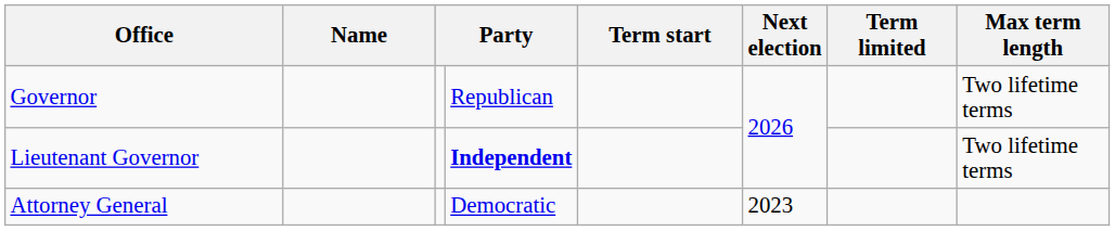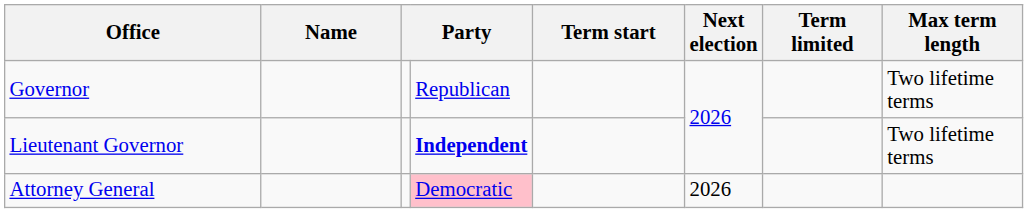 <table class="sortable wikitable">
 <tr>
 <th scope="col" width=190>Office</th>
 <th scope="col" width=100>Name</th>
 <th scope="col" width=75 colspan=2>Party</th>
 <th scope="col" width=110>Term start</th>
 <th scope="col" width=50>Next election</th>
 <th scope="col" width=85>Term limited</th>
 <th scope="col" width=100>Max term length</th>
 </tr>
 <tr>
 <td><a href='#'>Governor</a></td>
 <td></td>
 <td style="background-color:"></td>
 <td><a href='#'>Republican</a></td>
 <td></td>
 <td rowspan=2><a href='#'>2026</a></td>
 <td></td>
 <td>Two lifetime terms</td>
 </tr>
 <tr>
 <td><a href='#'>Lieutenant Governor</a></td>
 <td></td>
 <td style="background-color:"></td>
 <td><strong><a href='#'>Independent</a></strong></td>
 <td></td>
 <td></td>
 <td>Two lifetime terms</td>
 </tr>
 <tr>
 <td><a href='#'>Attorney General</a></td>
 <td></td>
 <td style="background-color:"></td>
-<td><a href='#'>Democratic</a></td>
+<td style="background: pink;"><a href='#'>Democratic</a></td>
 <td></td>
-<td>2023</td>
+<td>2026</td>
 <td></td>
 <td></td>
 </tr>
 </table>
